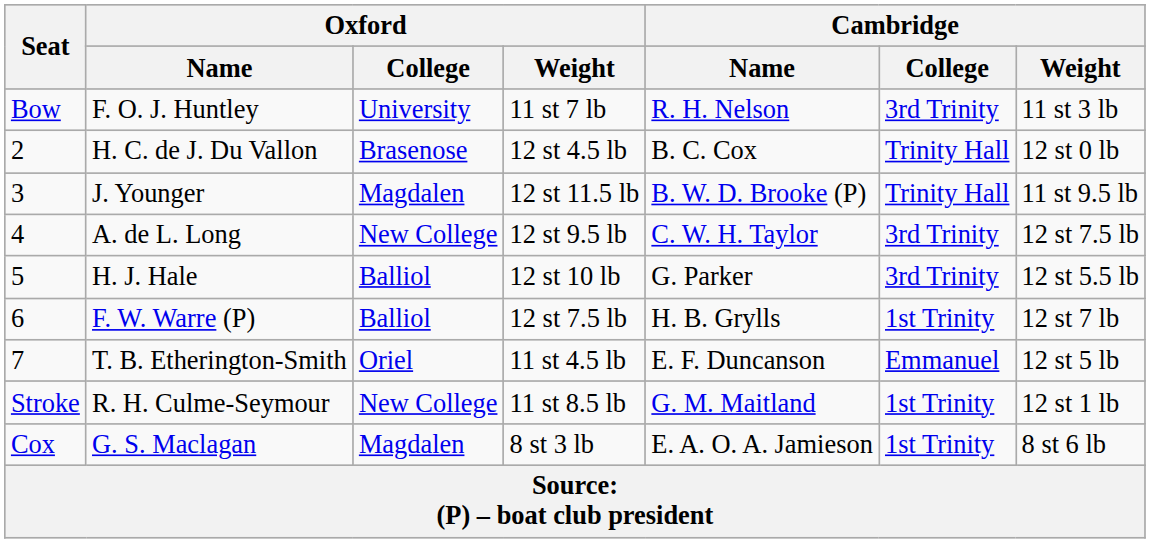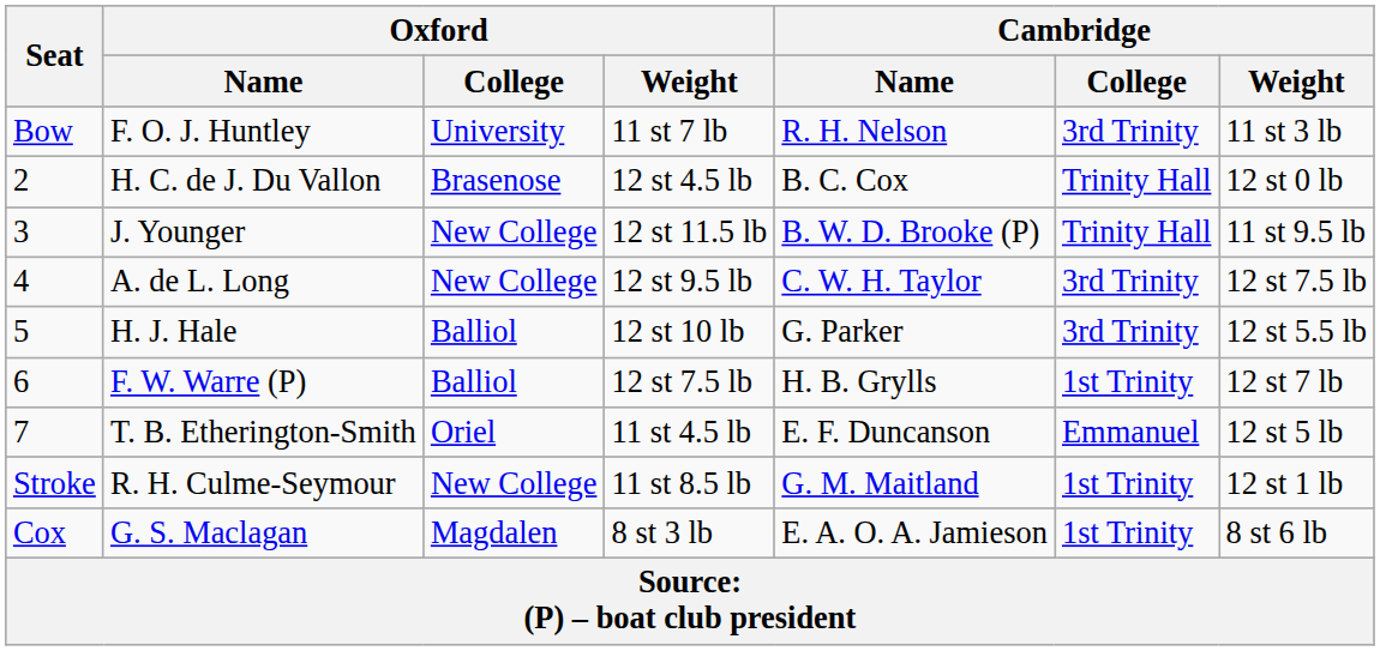 <table class="wikitable">
 <tr>
 <th rowspan="2" scope="col">Seat</th>
 <th colspan="3" scope="col">Oxford <br> </th>
 <th colspan="3" scope="col">Cambridge <br> </th>
 </tr>
 <tr>
 <th>Name</th>
 <th>College</th>
 <th>Weight</th>
 <th>Name</th>
 <th>College</th>
 <th>Weight</th>
 </tr>
 <tr>
 <td><a href='#'>Bow</a></td>
 <td>F. O. J. Huntley</td>
 <td><a href='#'>University</a></td>
 <td>11 st 7 lb</td>
 <td><a href='#'>R. H. Nelson</a></td>
 <td><a href='#'>3rd Trinity</a></td>
 <td>11 st 3 lb</td>
 </tr>
 <tr>
 <td>2</td>
 <td>H. C. de J. Du Vallon</td>
 <td><a href='#'>Brasenose</a></td>
 <td>12 st 4.5 lb</td>
 <td>B. C. Cox</td>
 <td><a href='#'>Trinity Hall</a></td>
 <td>12 st 0 lb</td>
 </tr>
 <tr>
 <td>3</td>
 <td>J. Younger</td>
-<td><a href='#'>Magdalen</a></td>
+<td><a href='#'>New College</a></td>
 <td>12 st 11.5 lb</td>
 <td><a href='#'>B. W. D. Brooke</a> (P)</td>
 <td><a href='#'>Trinity Hall</a></td>
 <td>11 st 9.5 lb</td>
 </tr>
 <tr>
 <td>4</td>
 <td>A. de L. Long</td>
 <td><a href='#'>New College</a></td>
 <td>12 st 9.5 lb</td>
 <td><a href='#'>C. W. H. Taylor</a></td>
 <td><a href='#'>3rd Trinity</a></td>
 <td>12 st 7.5 lb</td>
 </tr>
 <tr>
 <td>5</td>
 <td>H. J. Hale</td>
 <td><a href='#'>Balliol</a></td>
 <td>12 st 10 lb</td>
 <td>G. Parker</td>
 <td><a href='#'>3rd Trinity</a></td>
 <td>12 st 5.5 lb</td>
 </tr>
 <tr>
 <td>6</td>
 <td><a href='#'>F. W. Warre</a> (P)</td>
 <td><a href='#'>Balliol</a></td>
 <td>12 st 7.5 lb</td>
 <td>H. B. Grylls</td>
 <td><a href='#'>1st Trinity</a></td>
 <td>12 st 7 lb</td>
 </tr>
 <tr>
 <td>7</td>
 <td>T. B. Etherington-Smith</td>
 <td><a href='#'>Oriel</a></td>
 <td>11 st 4.5 lb</td>
 <td>E. F. Duncanson</td>
 <td><a href='#'>Emmanuel</a></td>
 <td>12 st 5 lb</td>
 </tr>
 <tr>
 <td><a href='#'>Stroke</a></td>
 <td>R. H. Culme-Seymour</td>
 <td><a href='#'>New College</a></td>
 <td>11 st 8.5 lb</td>
 <td><a href='#'>G. M. Maitland</a></td>
 <td><a href='#'>1st Trinity</a></td>
 <td>12 st 1 lb</td>
 </tr>
 <tr>
 <td><a href='#'>Cox</a></td>
 <td><a href='#'>G. S. Maclagan</a></td>
 <td><a href='#'>Magdalen</a></td>
 <td>8 st 3 lb</td>
 <td>E. A. O. A. Jamieson</td>
 <td><a href='#'>1st Trinity</a></td>
 <td>8 st 6 lb</td>
 </tr>
 <tr>
 <th colspan="7">Source:<br>(P) – boat club president</th>
 </tr>
 </table>
